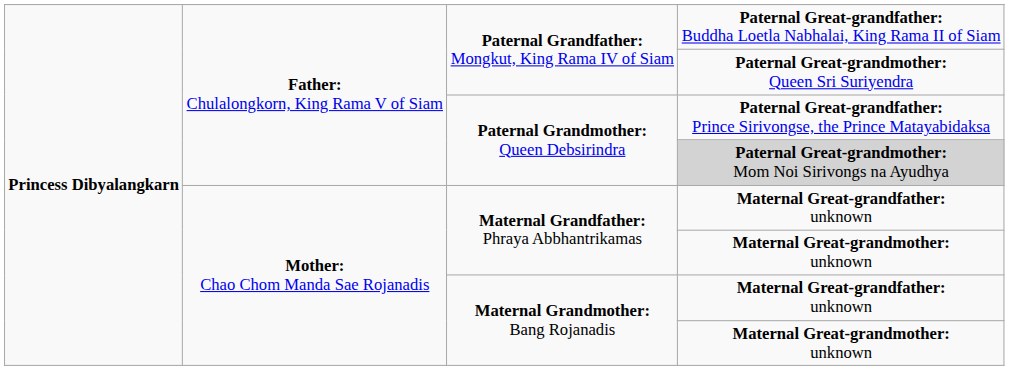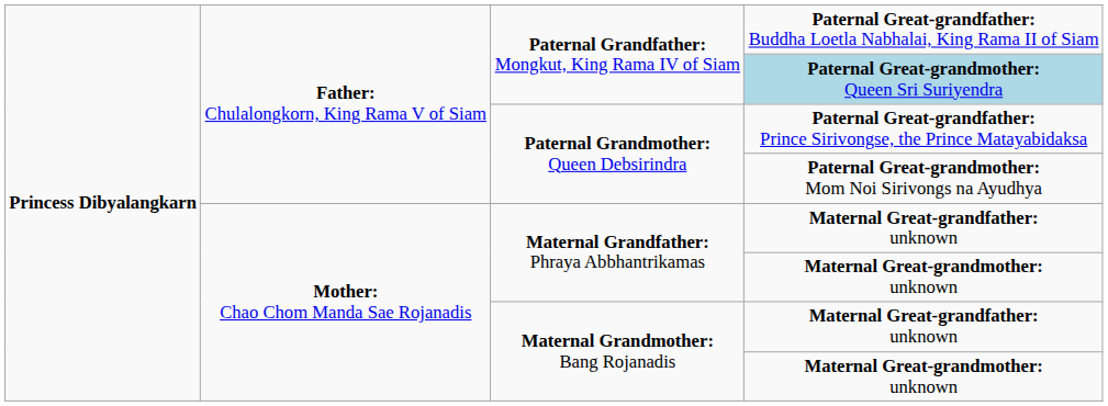 <table class="wikitable">
 <tr>
 </tr>
 <tr>
 <td rowspan="8" align="center"><strong>Princess Dibyalangkarn</strong></td>
 <td rowspan="4" align="center"><strong>Father:</strong><br><a href='#'>Chulalongkorn, King Rama V of Siam</a></td>
 <td rowspan="2" align="center"><strong>Paternal Grandfather:</strong><br><a href='#'>Mongkut, King Rama IV of Siam</a></td>
 <td align = "center"><strong>Paternal Great-grandfather:</strong><br><a href='#'>Buddha Loetla Nabhalai, King Rama II of Siam</a></td>
 </tr>
 <tr>
-<td align = "center"><strong>Paternal Great-grandmother:</strong><br><a href='#'>Queen Sri Suriyendra</a></td>
+<td align = "center" style="background: lightblue;"><strong>Paternal Great-grandmother:</strong><br><a href='#'>Queen Sri Suriyendra</a></td>
 </tr>
 <tr>
 <td rowspan="2" align="center"><strong>Paternal Grandmother:</strong><br><a href='#'>Queen Debsirindra</a></td>
 <td align = "center"><strong>Paternal Great-grandfather:</strong><br><a href='#'>Prince Sirivongse, the Prince Matayabidaksa</a></td>
 </tr>
 <tr>
-<td align = "center" style="background: lightgrey;"><strong>Paternal Great-grandmother:</strong><br>Mom Noi Sirivongs na Ayudhya</td>
+<td align = "center"><strong>Paternal Great-grandmother:</strong><br>Mom Noi Sirivongs na Ayudhya</td>
 </tr>
 <tr>
 <td rowspan="4" align="center"><strong>Mother:</strong><br><a href='#'>Chao Chom Manda Sae Rojanadis</a></td>
 <td rowspan="2" align="center"><strong>Maternal Grandfather:</strong><br>Phraya Abbhantrikamas</td>
 <td align = "center"><strong>Maternal Great-grandfather:</strong><br>unknown</td>
 </tr>
 <tr>
 <td align = "center"><strong>Maternal Great-grandmother:</strong><br>unknown</td>
 </tr>
 <tr>
 <td rowspan="2" align="center"><strong>Maternal Grandmother:</strong><br>Bang Rojanadis</td>
 <td align = "center"><strong>Maternal Great-grandfather:</strong><br>unknown</td>
 </tr>
 <tr>
 <td align = "center"><strong>Maternal Great-grandmother:</strong><br>unknown</td>
 </tr>
 </table>
